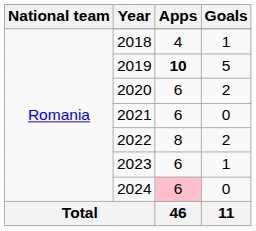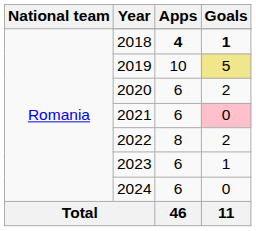 <table class="wikitable" style="text-align:center">
 <tr>
 <th>National team</th>
 <th>Year</th>
 <th>Apps</th>
 <th>Goals</th>
 </tr>
 <tr>
 <td rowspan="8"><a href='#'>Romania</a></td>
 </tr>
 <tr>
 <td>2018</td>
-<td>4</td>
-<td>1</td>
+<td><strong>4</strong></td>
+<td><strong>1</strong></td>
 </tr>
 <tr>
 <td>2019</td>
-<td><strong>10</strong></td>
-<td>5</td>
+<td>10</td>
+<td style="background: khaki;">5</td>
 </tr>
 <tr>
 <td>2020</td>
 <td>6</td>
 <td>2</td>
 </tr>
 <tr>
 <td>2021</td>
 <td>6</td>
-<td>0</td>
+<td style="background: pink;">0</td>
 </tr>
 <tr>
 <td>2022</td>
 <td>8</td>
 <td>2</td>
 </tr>
 <tr>
 <td>2023</td>
 <td>6</td>
 <td>1</td>
 </tr>
 <tr>
 <td>2024</td>
-<td style="background: pink;">6</td>
+<td>6</td>
 <td>0</td>
 </tr>
 <tr>
 <th colspan="2">Total</th>
 <th>46</th>
 <th>11</th>
 </tr>
 </table>
